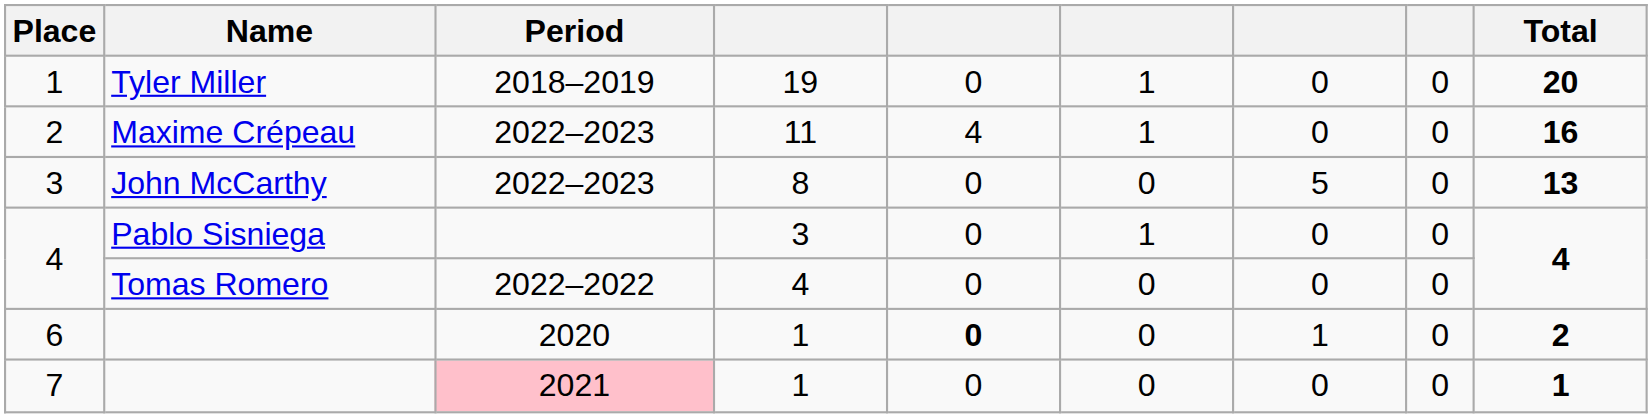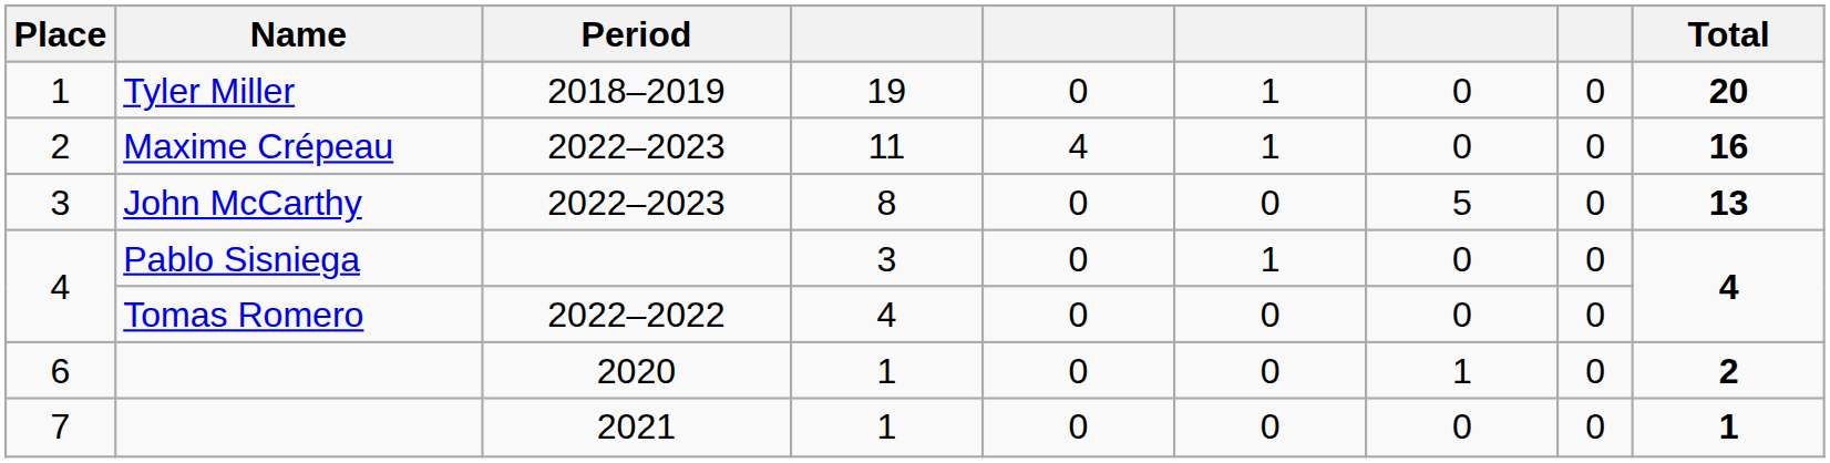 <table class="wikitable sortable" style="font-size: 95%; text-align: center;">
 <tr>
 <th width=30>Place</th>
 <th width=150>Name</th>
 <th width=125>Period</th>
 <th width=75></th>
 <th width=75></th>
 <th width=75></th>
 <th width=75></th>
 <th width=25></th>
 <th width=75><strong>Total</strong></th>
 </tr>
 <tr>
 <td>1</td>
 <td align="left"> <a href='#'>Tyler Miller</a></td>
 <td>2018–2019</td>
 <td>19</td>
 <td>0</td>
 <td>1</td>
 <td>0</td>
 <td>0</td>
 <td><strong>20</strong></td>
 </tr>
 <tr>
 <td>2</td>
 <td align="left">  <a href='#'>Maxime Crépeau</a></td>
 <td>2022–2023</td>
 <td>11</td>
 <td>4</td>
 <td>1</td>
 <td>0</td>
 <td>0</td>
 <td><strong>16</strong></td>
 </tr>
 <tr>
 <td>3</td>
 <td align="left">  <a href='#'>John McCarthy</a></td>
 <td>2022–2023</td>
 <td>8</td>
 <td>0</td>
 <td>0</td>
 <td>5</td>
 <td>0</td>
 <td><strong>13</strong></td>
 </tr>
 <tr>
 <td rowspan="2">4</td>
 <td align="left"> <a href='#'>Pablo Sisniega</a></td>
 <td></td>
 <td>3</td>
 <td>0</td>
 <td>1</td>
 <td>0</td>
 <td>0</td>
 <td rowspan="2"><strong>4</strong></td>
 </tr>
 <tr>
 <td align="left"> <a href='#'>Tomas Romero</a></td>
 <td>2022–2022</td>
 <td>4</td>
 <td>0</td>
 <td>0</td>
 <td>0</td>
 <td>0</td>
 </tr>
 <tr>
 <td>6</td>
 <td align="left"></td>
 <td>2020</td>
 <td>1</td>
-<td><strong>0</strong></td>
+<td>0</td>
 <td>0</td>
 <td>1</td>
 <td>0</td>
 <td><strong>2</strong></td>
 </tr>
 <tr>
 <td>7</td>
 <td align="left"></td>
-<td style="background: pink;">2021</td>
+<td>2021</td>
 <td>1</td>
 <td>0</td>
 <td>0</td>
 <td>0</td>
 <td>0</td>
 <td><strong>1</strong></td>
 </tr>
 </table>
